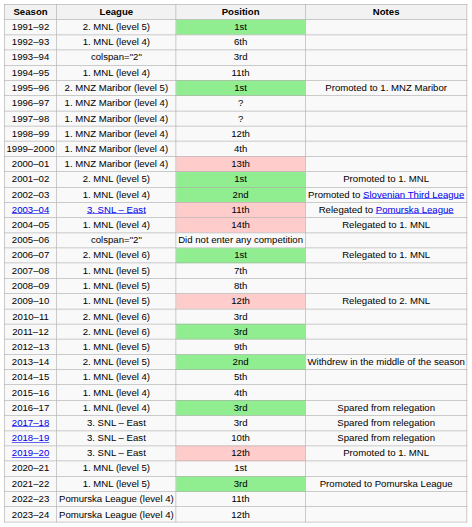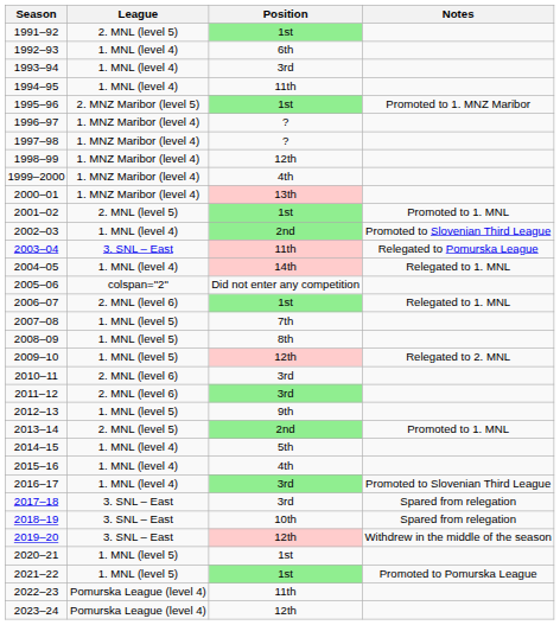 <table class="wikitable" style="text-align: center">
 <tr>
 <th>Season</th>
 <th>League</th>
 <th>Position</th>
 <th>Notes</th>
 </tr>
 <tr>
 <td>1991–92</td>
 <td>2. MNL (level 5)</td>
 <td style="background: #90EE90;">1st</td>
 <td></td>
 </tr>
 <tr>
 <td>1992–93</td>
 <td>1. MNL (level 4)</td>
 <td>6th</td>
 <td></td>
 </tr>
 <tr>
 <td>1993–94</td>
-<td>colspan="2" </td>
+<td>1. MNL (level 4)</td>
 <td>3rd</td>
 <td></td>
 </tr>
 <tr>
 <td>1994–95</td>
 <td>1. MNL (level 4)</td>
 <td>11th</td>
 <td></td>
 </tr>
 <tr>
 <td>1995–96</td>
 <td>2. MNZ Maribor (level 5)</td>
 <td style="background: #90EE90;">1st</td>
 <td>Promoted to 1. MNZ Maribor</td>
 </tr>
 <tr>
 <td>1996–97</td>
 <td>1. MNZ Maribor (level 4)</td>
 <td>?</td>
 <td></td>
 </tr>
 <tr>
 <td>1997–98</td>
 <td>1. MNZ Maribor (level 4)</td>
 <td>?</td>
 <td></td>
 </tr>
 <tr>
 <td>1998–99</td>
 <td>1. MNZ Maribor (level 4)</td>
 <td>12th</td>
 <td></td>
 </tr>
 <tr>
 <td>1999–2000</td>
 <td>1. MNZ Maribor (level 4)</td>
 <td>4th</td>
 <td></td>
 </tr>
 <tr>
 <td>2000–01</td>
 <td>1. MNZ Maribor (level 4)</td>
 <td style="background: #FFCCCC;">13th</td>
 <td></td>
 </tr>
 <tr>
 <td>2001–02</td>
 <td>2. MNL (level 5)</td>
 <td style="background: #90EE90;">1st</td>
 <td>Promoted to 1. MNL</td>
 </tr>
 <tr>
 <td>2002–03</td>
 <td>1. MNL (level 4)</td>
 <td style="background: #90EE90;">2nd</td>
 <td>Promoted to <a href='#'>Slovenian Third League</a></td>
 </tr>
 <tr>
 <td><a href='#'>2003–04</a></td>
 <td><a href='#'>3. SNL – East</a></td>
 <td style="background: #FFCCCC;">11th</td>
 <td>Relegated to <a href='#'>Pomurska League</a></td>
 </tr>
 <tr>
 <td>2004–05</td>
 <td>1. MNL (level 4)</td>
 <td style="background: #FFCCCC;">14th</td>
 <td>Relegated to 1. MNL</td>
 </tr>
 <tr>
 <td>2005–06</td>
 <td>colspan="2" </td>
 <td>Did not enter any competition</td>
 </tr>
 <tr>
 <td>2006–07</td>
 <td>2. MNL (level 6)</td>
 <td style="background: #90EE90;">1st</td>
 <td>Relegated to 1. MNL</td>
 </tr>
 <tr>
 <td>2007–08</td>
 <td>1. MNL (level 5)</td>
 <td>7th</td>
 <td></td>
 </tr>
 <tr>
 <td>2008–09</td>
 <td>1. MNL (level 5)</td>
 <td>8th</td>
 <td></td>
 </tr>
 <tr>
 <td>2009–10</td>
 <td>1. MNL (level 5)</td>
 <td style="background: #FFCCCC;">12th</td>
 <td>Relegated to 2. MNL</td>
 </tr>
 <tr>
 <td>2010–11</td>
 <td>2. MNL (level 6)</td>
 <td>3rd</td>
 <td></td>
 </tr>
 <tr>
 <td>2011–12</td>
 <td>2. MNL (level 6)</td>
 <td style="background: #90EE90;">3rd</td>
 <td></td>
 </tr>
 <tr>
 <td>2012–13</td>
 <td>1. MNL (level 5)</td>
 <td>9th</td>
 <td></td>
 </tr>
 <tr>
 <td>2013–14</td>
 <td>2. MNL (level 5)</td>
 <td style="background: #90EE90;">2nd</td>
-<td>Withdrew in the middle of the season</td>
+<td>Promoted to 1. MNL</td>
 </tr>
 <tr>
 <td>2014–15</td>
 <td>1. MNL (level 4)</td>
 <td>5th</td>
 <td></td>
 </tr>
 <tr>
 <td>2015–16</td>
 <td>1. MNL (level 4)</td>
 <td>4th</td>
 <td></td>
 </tr>
 <tr>
 <td>2016–17</td>
 <td>1. MNL (level 4)</td>
 <td style="background: #90EE90;">3rd</td>
-<td>Spared from relegation</td>
+<td>Promoted to Slovenian Third League</td>
 </tr>
 <tr>
 <td><a href='#'>2017–18</a></td>
 <td>3. SNL – East</td>
 <td>3rd</td>
 <td>Spared from relegation</td>
 </tr>
 <tr>
 <td><a href='#'>2018–19</a></td>
 <td>3. SNL – East</td>
 <td>10th</td>
 <td>Spared from relegation</td>
 </tr>
 <tr>
 <td><a href='#'>2019–20</a></td>
 <td>3. SNL – East</td>
 <td style="background: #FFCCCC;">12th</td>
-<td>Promoted to 1. MNL</td>
+<td>Withdrew in the middle of the season</td>
 </tr>
 <tr>
 <td>2020–21</td>
 <td>1. MNL (level 5)</td>
 <td>1st</td>
 <td></td>
 </tr>
 <tr>
 <td>2021–22</td>
 <td>1. MNL (level 5)</td>
-<td style="background: #90EE90;">3rd</td>
+<td style="background: #90EE90;">1st</td>
 <td>Promoted to Pomurska League</td>
 </tr>
 <tr>
 <td>2022–23</td>
 <td>Pomurska League (level 4)</td>
 <td>11th</td>
 <td></td>
 </tr>
 <tr>
 <td>2023–24</td>
 <td>Pomurska League (level 4)</td>
 <td>12th</td>
 <td></td>
 </tr>
 </table>
